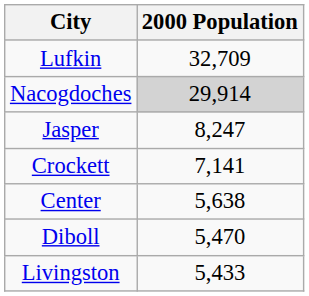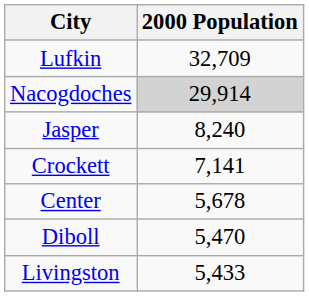 <table class="wikitable" border="1" style="text-align:center">
 <tr>
 <th>City</th>
 <th>2000 Population </th>
 </tr>
 <tr>
 <td><a href='#'>Lufkin</a></td>
 <td>32,709</td>
 </tr>
 <tr>
 <td><a href='#'>Nacogdoches</a></td>
 <td style="background: lightgrey;">29,914</td>
 </tr>
 <tr>
 <td><a href='#'>Jasper</a></td>
-<td>8,247</td>
+<td>8,240</td>
 </tr>
 <tr>
 <td><a href='#'>Crockett</a></td>
 <td>7,141</td>
 </tr>
 <tr>
 <td><a href='#'>Center</a></td>
-<td>5,638</td>
+<td>5,678</td>
 </tr>
 <tr>
 <td><a href='#'>Diboll</a></td>
 <td>5,470</td>
 </tr>
 <tr>
 <td><a href='#'>Livingston</a></td>
 <td>5,433</td>
 </tr>
 </table>
